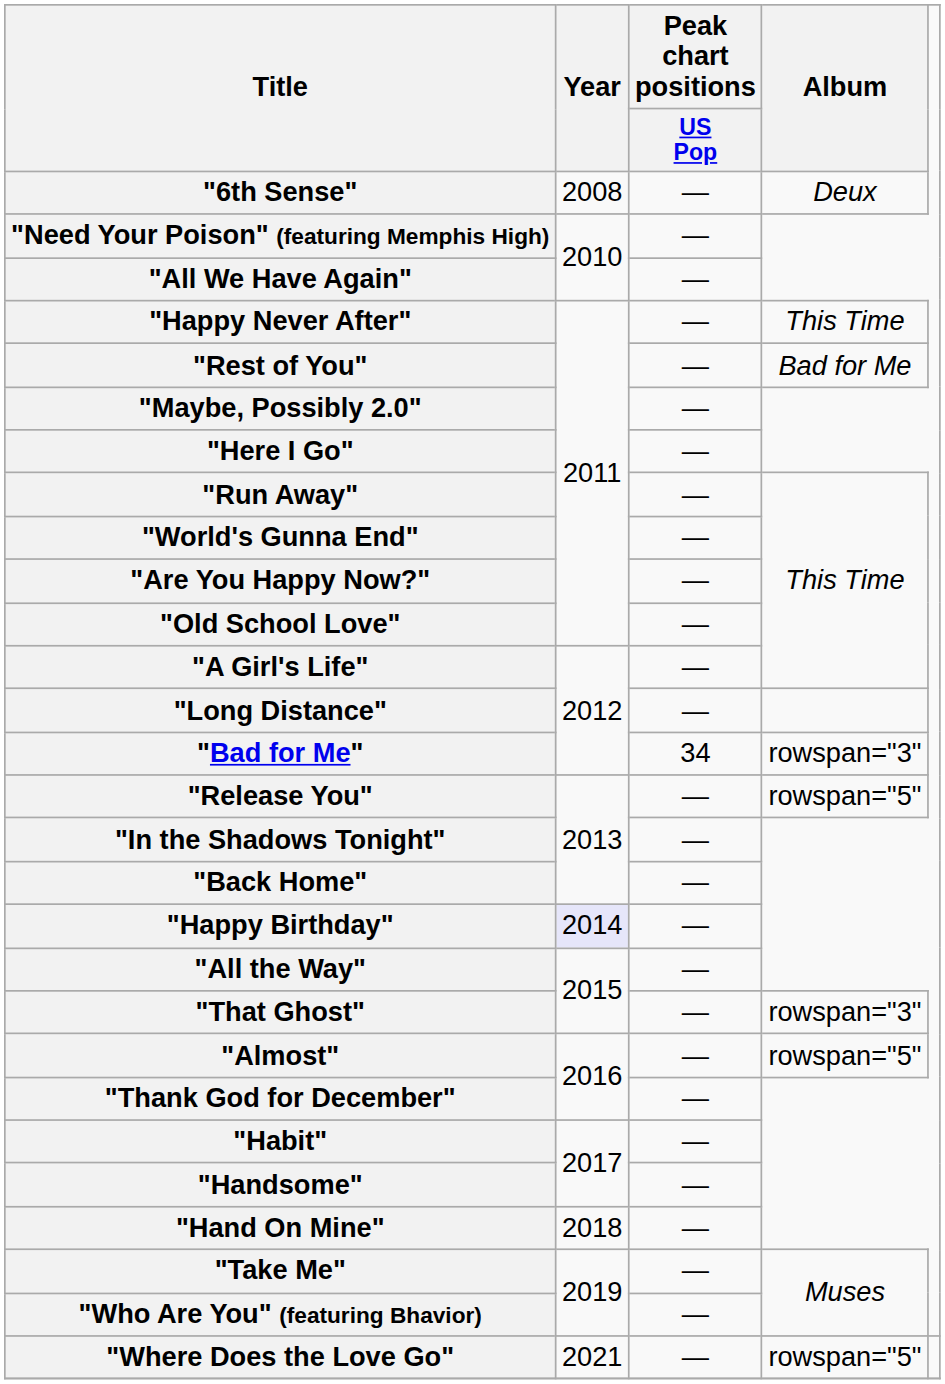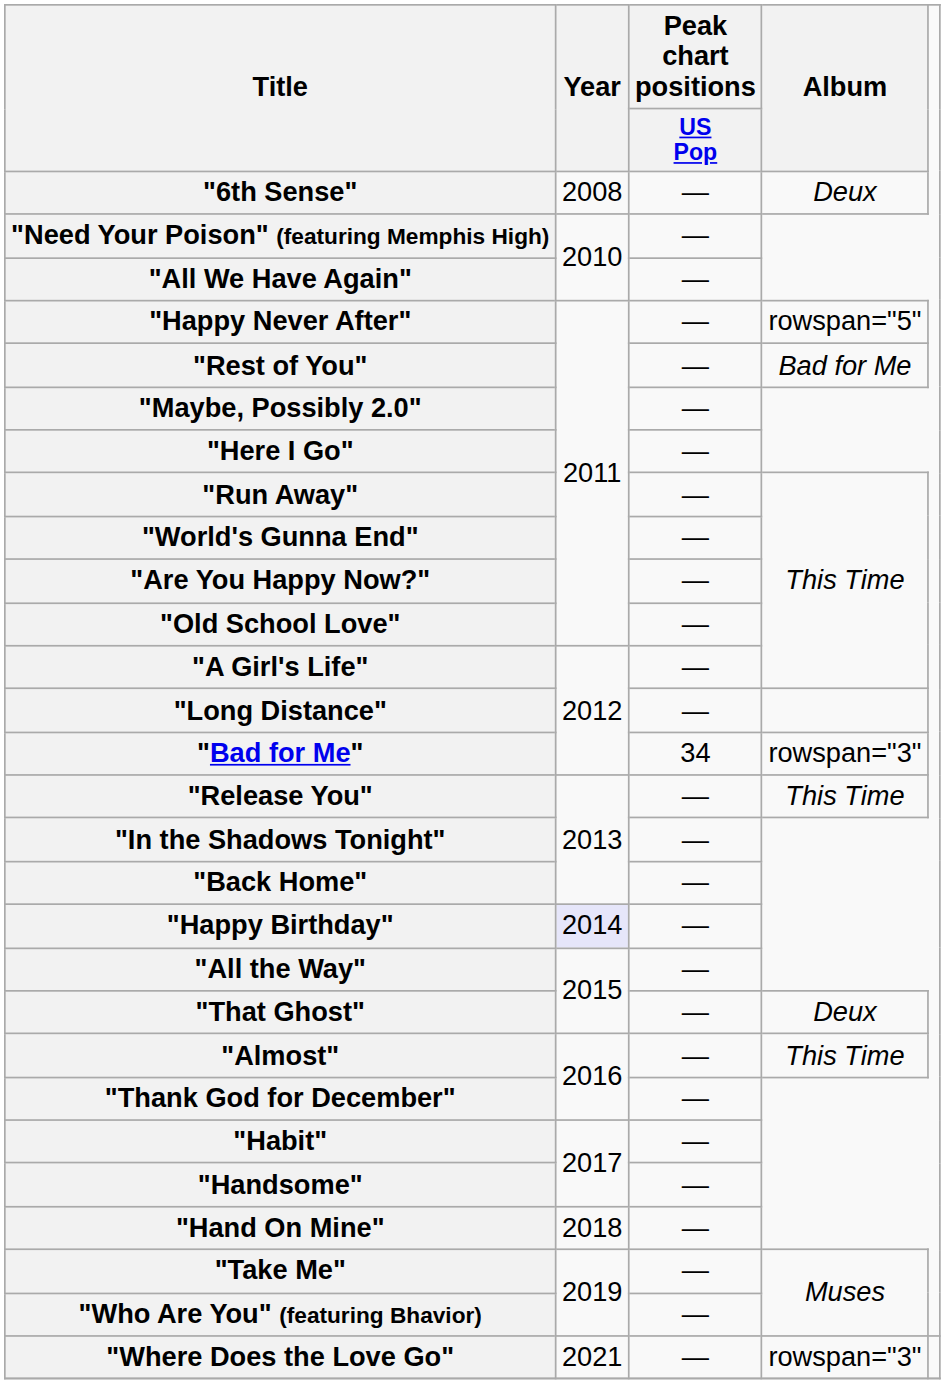 <table class="wikitable plainrowheaders" style="text-align:center;">
 <tr>
 <th scope="col" rowspan="2">Title</th>
 <th scope="col" rowspan="2">Year</th>
 <th scope="col">Peak chart positions</th>
 <th scope="col" rowspan="2">Album</th>
 </tr>
 <tr>
 <th scope="col" style="width:3em;font-size:85%;"><a href='#'>US</a><br><a href='#'>Pop</a><br></th>
 </tr>
 <tr>
 <th scope="row">"6th Sense"</th>
 <td>2008</td>
 <td>—</td>
 <td><em>Deux</em></td>
 </tr>
 <tr>
 <th scope="row">"Need Your Poison" <small>(featuring Memphis High)</small></th>
 <td rowspan="2">2010</td>
 <td>—</td>
 </tr>
 <tr>
 <th scope="row">"All We Have Again"</th>
 <td>—</td>
 </tr>
 <tr>
 <th scope="row">"Happy Never After"</th>
 <td rowspan="8">2011</td>
 <td>—</td>
-<td><em>This Time</em></td>
+<td>rowspan="5" </td>
 </tr>
 <tr>
 <th scope="row">"Rest of You"</th>
 <td>—</td>
 <td><em>Bad for Me</em></td>
 </tr>
 <tr>
 <th scope="row">"Maybe, Possibly 2.0"</th>
 <td>—</td>
 </tr>
 <tr>
 <th scope="row">"Here I Go"</th>
 <td>—</td>
 </tr>
 <tr>
 <th scope="row">"Run Away"</th>
 <td>—</td>
 <td rowspan="5"><em>This Time</em></td>
 </tr>
 <tr>
 <th scope="row">"World's Gunna End"</th>
 <td>—</td>
 </tr>
 <tr>
 <th scope="row">"Are You Happy Now?"</th>
 <td>—</td>
 </tr>
 <tr>
 <th scope="row">"Old School Love"</th>
 <td>—</td>
 </tr>
 <tr>
 <th scope="row">"A Girl's Life"</th>
 <td rowspan="3">2012</td>
 <td>—</td>
 </tr>
 <tr>
 <th scope="row">"Long Distance"</th>
 <td>—</td>
 <td></td>
 </tr>
 <tr>
 <th scope="row">"<a href='#'>Bad for Me</a>"</th>
 <td>34</td>
 <td>rowspan="3" </td>
 </tr>
 <tr>
 <th scope="row">"Release You"</th>
 <td rowspan="3">2013</td>
 <td>—</td>
-<td>rowspan="5" </td>
+<td><em>This Time</em></td>
 </tr>
 <tr>
 <th scope="row">"In the Shadows Tonight"</th>
 <td>—</td>
 </tr>
 <tr>
 <th scope="row">"Back Home"</th>
 <td>—</td>
 </tr>
 <tr>
 <th scope="row">"Happy Birthday"</th>
 <td style="background: lavender;">2014</td>
 <td>—</td>
 </tr>
 <tr>
 <th scope="row">"All the Way"</th>
 <td rowspan="2">2015</td>
 <td>—</td>
 </tr>
 <tr>
 <th scope="row">"That Ghost"</th>
 <td>—</td>
-<td>rowspan="3" </td>
+<td><em>Deux</em></td>
 </tr>
 <tr>
 <th scope="row">"Almost"</th>
 <td rowspan="2">2016</td>
 <td>—</td>
-<td>rowspan="5" </td>
+<td><em>This Time</em></td>
 </tr>
 <tr>
 <th scope="row">"Thank God for December"</th>
 <td>—</td>
 </tr>
 <tr>
 <th scope="row">"Habit"</th>
 <td rowspan="2">2017</td>
 <td>—</td>
 </tr>
 <tr>
 <th scope="row">"Handsome"</th>
 <td>—</td>
 </tr>
 <tr>
 <th scope="row">"Hand On Mine"</th>
 <td>2018</td>
 <td>—</td>
 </tr>
 <tr>
 <th scope="row">"Take Me"</th>
 <td rowspan="2">2019</td>
 <td>—</td>
 <td rowspan="2"><em>Muses</em></td>
 </tr>
 <tr>
 <th scope="row">"Who Are You" <small>(featuring Bhavior)</small></th>
 <td>—</td>
 </tr>
 <tr>
 <th scope="row">"Where Does the Love Go"</th>
 <td>2021</td>
 <td>—</td>
-<td>rowspan="5" </td>
+<td>rowspan="3" </td>
 <td></td>
 </tr>
 <tr>
 </tr>
 </table>
